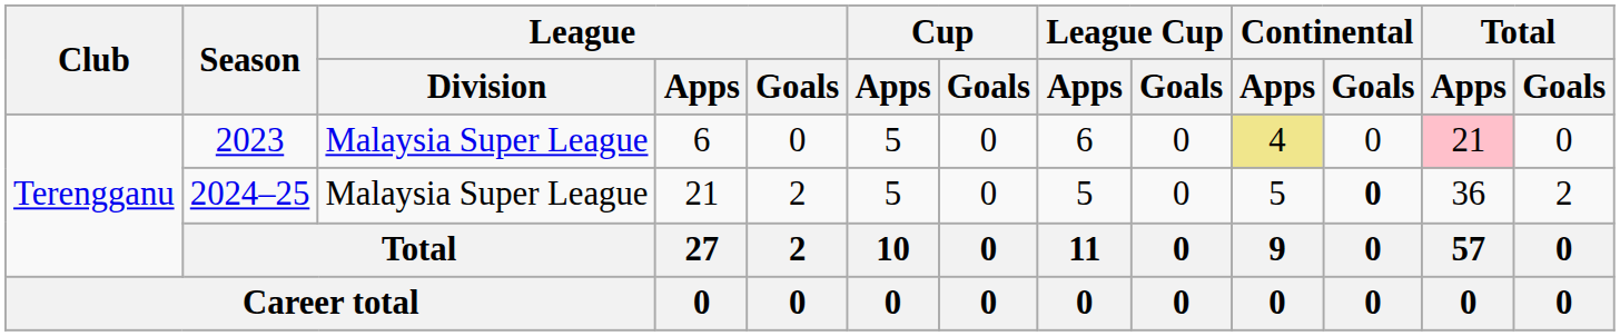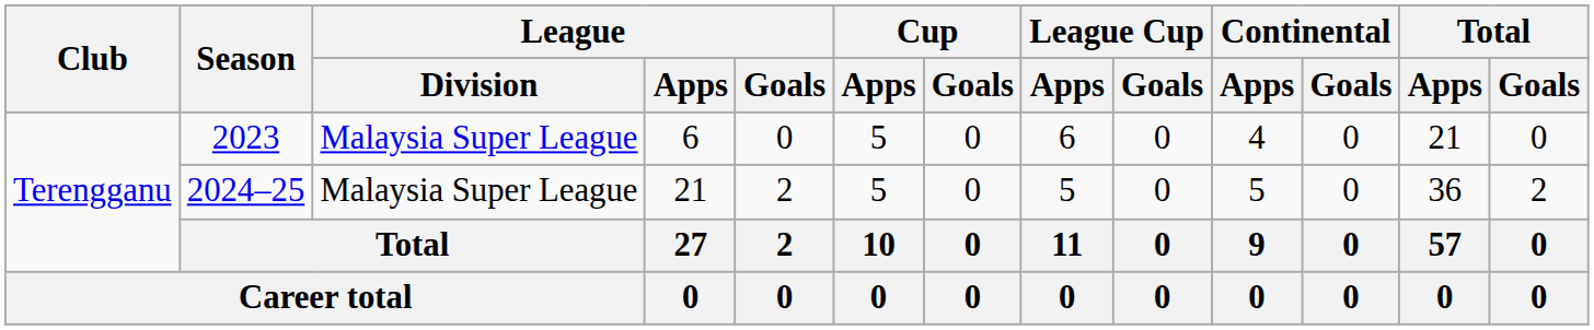 <table class=wikitable style="text-align:center">
 <tr>
 <th rowspan=2>Club</th>
 <th rowspan=2>Season</th>
 <th colspan=3>League</th>
 <th colspan=2>Cup</th>
 <th colspan=2>League Cup</th>
 <th colspan=2>Continental</th>
 <th colspan=2>Total</th>
 </tr>
 <tr>
 <th>Division</th>
 <th>Apps</th>
 <th>Goals</th>
 <th>Apps</th>
 <th>Goals</th>
 <th>Apps</th>
 <th>Goals</th>
 <th>Apps</th>
 <th>Goals</th>
 <th>Apps</th>
 <th>Goals</th>
 </tr>
 <tr>
 <td rowspan="3"><a href='#'>Terengganu</a></td>
 <td><a href='#'>2023</a></td>
 <td><a href='#'>Malaysia Super League</a></td>
 <td>6</td>
 <td>0</td>
 <td>5</td>
 <td>0</td>
 <td>6</td>
 <td>0</td>
-<td style="background: khaki;">4</td>
+<td>4</td>
 <td>0</td>
-<td style="background: pink;">21</td>
+<td>21</td>
 <td>0</td>
 </tr>
 <tr>
 <td><a href='#'>2024–25</a></td>
 <td>Malaysia Super League</td>
 <td>21</td>
 <td>2</td>
 <td>5</td>
 <td>0</td>
 <td>5</td>
 <td>0</td>
 <td>5</td>
-<td><strong>0</strong></td>
+<td>0</td>
 <td>36</td>
 <td>2</td>
 </tr>
 <tr>
 <th colspan=2>Total</th>
 <th>27</th>
 <th>2</th>
 <th>10</th>
 <th>0</th>
 <th>11</th>
 <th>0</th>
 <th>9</th>
 <th>0</th>
 <th>57</th>
 <th>0</th>
 </tr>
 <tr>
 <th colspan=3>Career total</th>
 <th>0</th>
 <th>0</th>
 <th>0</th>
 <th>0</th>
 <th>0</th>
 <th>0</th>
 <th>0</th>
 <th>0</th>
 <th>0</th>
 <th>0</th>
 </tr>
 </table>
